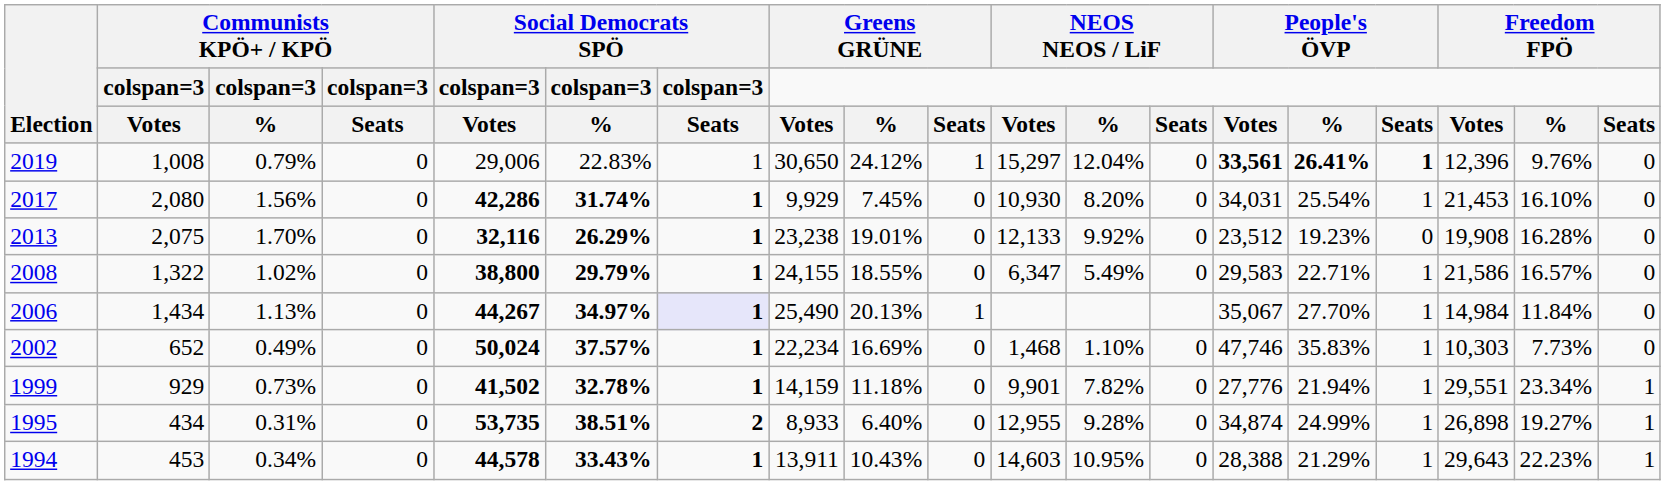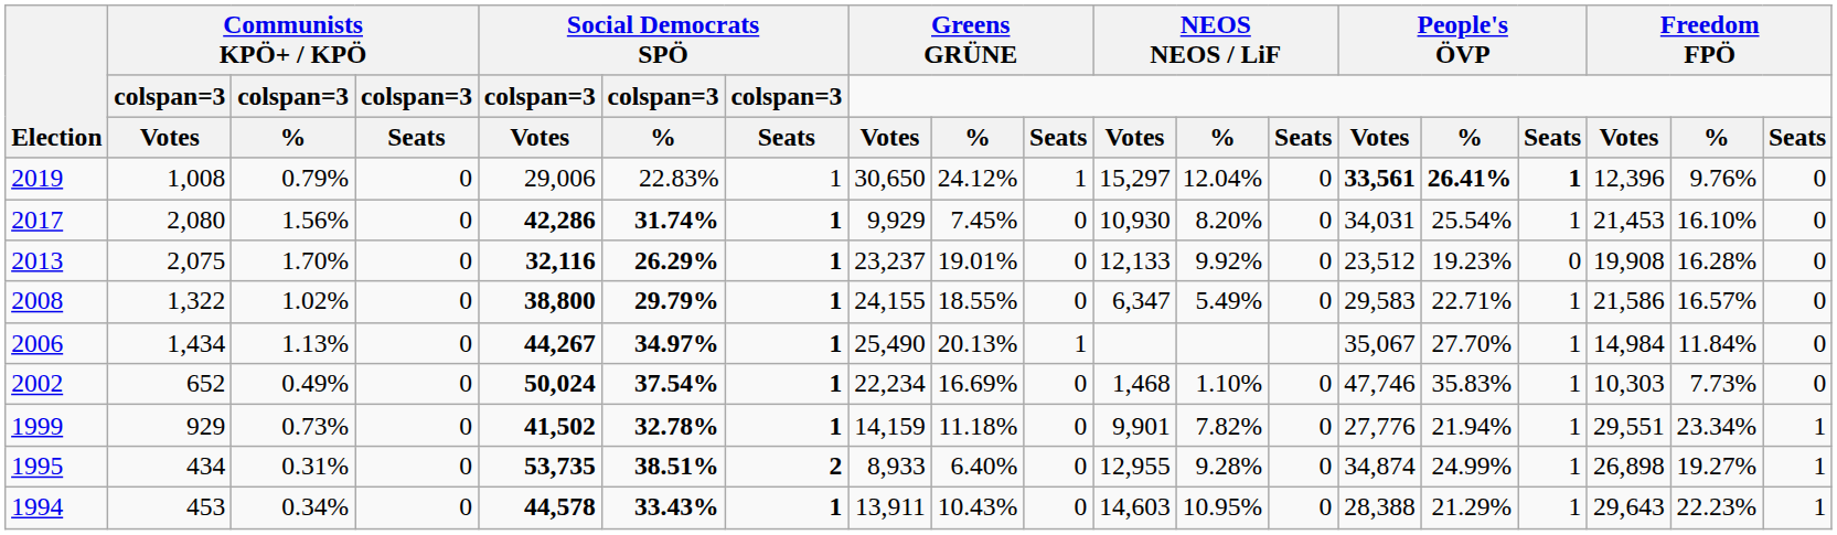 <table class="wikitable" border="1" style="font-size:100%; text-align:right;">
 <tr>
 <th style="text-align:left;" valign=bottom rowspan=3>Election</th>
 <th valign=bottom colspan=3><a href='#'>Communists</a><br>KPÖ+ / KPÖ</th>
 <th valign=bottom colspan=3><a href='#'>Social Democrats</a><br>SPÖ</th>
 <th valign=bottom colspan=3><a href='#'>Greens</a><br>GRÜNE</th>
 <th valign=bottom colspan=3><a href='#'>NEOS</a><br>NEOS / LiF</th>
 <th valign=bottom colspan=3><a href='#'>People's</a><br>ÖVP</th>
 <th valign=bottom colspan=3><a href='#'>Freedom</a><br>FPÖ</th>
 </tr>
 <tr>
 <th>colspan=3 </th>
 <th>colspan=3 </th>
 <th>colspan=3 </th>
 <th>colspan=3 </th>
 <th>colspan=3 </th>
 <th>colspan=3 </th>
 </tr>
 <tr>
 <th>Votes</th>
 <th>%</th>
 <th>Seats</th>
 <th>Votes</th>
 <th>%</th>
 <th>Seats</th>
 <th>Votes</th>
 <th>%</th>
 <th>Seats</th>
 <th>Votes</th>
 <th>%</th>
 <th>Seats</th>
 <th>Votes</th>
 <th>%</th>
 <th>Seats</th>
 <th>Votes</th>
 <th>%</th>
 <th>Seats</th>
 </tr>
 <tr>
 <td align=left><a href='#'>2019</a></td>
 <td>1,008</td>
 <td>0.79%</td>
 <td>0</td>
 <td>29,006</td>
 <td>22.83%</td>
 <td>1</td>
 <td>30,650</td>
 <td>24.12%</td>
 <td>1</td>
 <td>15,297</td>
 <td>12.04%</td>
 <td>0</td>
 <td><strong>33,561</strong></td>
 <td><strong>26.41%</strong></td>
 <td><strong>1</strong></td>
 <td>12,396</td>
 <td>9.76%</td>
 <td>0</td>
 </tr>
 <tr>
 <td align=left><a href='#'>2017</a></td>
 <td>2,080</td>
 <td>1.56%</td>
 <td>0</td>
 <td><strong>42,286</strong></td>
 <td><strong>31.74%</strong></td>
 <td><strong>1</strong></td>
 <td>9,929</td>
 <td>7.45%</td>
 <td>0</td>
 <td>10,930</td>
 <td>8.20%</td>
 <td>0</td>
 <td>34,031</td>
 <td>25.54%</td>
 <td>1</td>
 <td>21,453</td>
 <td>16.10%</td>
 <td>0</td>
 </tr>
 <tr>
 <td align=left><a href='#'>2013</a></td>
 <td>2,075</td>
 <td>1.70%</td>
 <td>0</td>
 <td><strong>32,116</strong></td>
 <td><strong>26.29%</strong></td>
 <td><strong>1</strong></td>
-<td>23,238</td>
+<td>23,237</td>
 <td>19.01%</td>
 <td>0</td>
 <td>12,133</td>
 <td>9.92%</td>
 <td>0</td>
 <td>23,512</td>
 <td>19.23%</td>
 <td>0</td>
 <td>19,908</td>
 <td>16.28%</td>
 <td>0</td>
 </tr>
 <tr>
 <td align=left><a href='#'>2008</a></td>
 <td>1,322</td>
 <td>1.02%</td>
 <td>0</td>
 <td><strong>38,800</strong></td>
 <td><strong>29.79%</strong></td>
 <td><strong>1</strong></td>
 <td>24,155</td>
 <td>18.55%</td>
 <td>0</td>
 <td>6,347</td>
 <td>5.49%</td>
 <td>0</td>
 <td>29,583</td>
 <td>22.71%</td>
 <td>1</td>
 <td>21,586</td>
 <td>16.57%</td>
 <td>0</td>
 </tr>
 <tr>
 <td align=left><a href='#'>2006</a></td>
 <td>1,434</td>
 <td>1.13%</td>
 <td>0</td>
 <td><strong>44,267</strong></td>
 <td><strong>34.97%</strong></td>
-<td style="background: lavender;"><strong>1</strong></td>
+<td><strong>1</strong></td>
 <td>25,490</td>
 <td>20.13%</td>
 <td>1</td>
 <td></td>
 <td></td>
 <td></td>
 <td>35,067</td>
 <td>27.70%</td>
 <td>1</td>
 <td>14,984</td>
 <td>11.84%</td>
 <td>0</td>
 </tr>
 <tr>
 <td align=left><a href='#'>2002</a></td>
 <td>652</td>
 <td>0.49%</td>
 <td>0</td>
 <td><strong>50,024</strong></td>
-<td><strong>37.57%</strong></td>
+<td><strong>37.54%</strong></td>
 <td><strong>1</strong></td>
 <td>22,234</td>
 <td>16.69%</td>
 <td>0</td>
 <td>1,468</td>
 <td>1.10%</td>
 <td>0</td>
 <td>47,746</td>
 <td>35.83%</td>
 <td>1</td>
 <td>10,303</td>
 <td>7.73%</td>
 <td>0</td>
 </tr>
 <tr>
 <td align=left><a href='#'>1999</a></td>
 <td>929</td>
 <td>0.73%</td>
 <td>0</td>
 <td><strong>41,502</strong></td>
 <td><strong>32.78%</strong></td>
 <td><strong>1</strong></td>
 <td>14,159</td>
 <td>11.18%</td>
 <td>0</td>
 <td>9,901</td>
 <td>7.82%</td>
 <td>0</td>
 <td>27,776</td>
 <td>21.94%</td>
 <td>1</td>
 <td>29,551</td>
 <td>23.34%</td>
 <td>1</td>
 </tr>
 <tr>
 <td align=left><a href='#'>1995</a></td>
 <td>434</td>
 <td>0.31%</td>
 <td>0</td>
 <td><strong>53,735</strong></td>
 <td><strong>38.51%</strong></td>
 <td><strong>2</strong></td>
 <td>8,933</td>
 <td>6.40%</td>
 <td>0</td>
 <td>12,955</td>
 <td>9.28%</td>
 <td>0</td>
 <td>34,874</td>
 <td>24.99%</td>
 <td>1</td>
 <td>26,898</td>
 <td>19.27%</td>
 <td>1</td>
 </tr>
 <tr>
 <td align=left><a href='#'>1994</a></td>
 <td>453</td>
 <td>0.34%</td>
 <td>0</td>
 <td><strong>44,578</strong></td>
 <td><strong>33.43%</strong></td>
 <td><strong>1</strong></td>
 <td>13,911</td>
 <td>10.43%</td>
 <td>0</td>
 <td>14,603</td>
 <td>10.95%</td>
 <td>0</td>
 <td>28,388</td>
 <td>21.29%</td>
 <td>1</td>
 <td>29,643</td>
 <td>22.23%</td>
 <td>1</td>
 </tr>
 </table>
